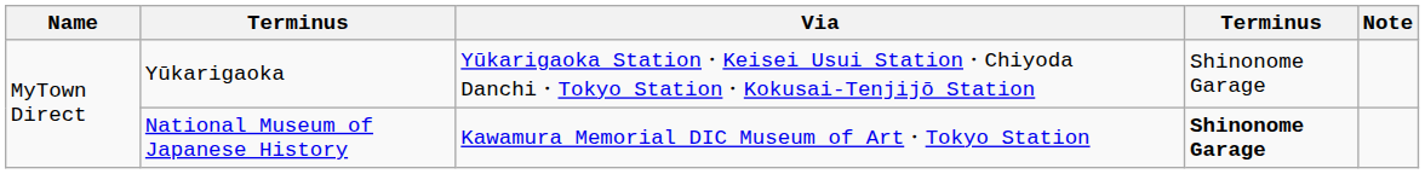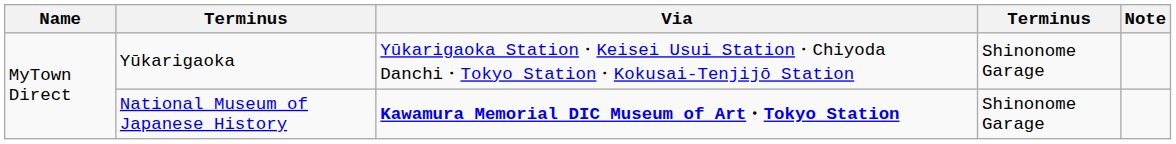 <table class="wikitable">
 <tr>
 <th>Name</th>
 <th>Terminus</th>
 <th>Via</th>
 <th>Terminus</th>
 <th>Note</th>
 </tr>
 <tr>
 <td rowspan="2">MyTown Direct</td>
 <td>Yūkarigaoka</td>
 <td><a href='#'>Yūkarigaoka Station</a>・<a href='#'>Keisei Usui Station</a>・Chiyoda Danchi・<a href='#'>Tokyo Station</a>・<a href='#'>Kokusai-Tenjijō Station</a></td>
 <td>Shinonome Garage</td>
 <td></td>
 </tr>
 <tr>
 <td><a href='#'>National Museum of Japanese History</a></td>
-<td><a href='#'>Kawamura Memorial DIC Museum of Art</a>・<a href='#'>Tokyo Station</a></td>
-<td><strong>Shinonome Garage</strong></td>
+<td><strong><a href='#'>Kawamura Memorial DIC Museum of Art</a>・<a href='#'>Tokyo Station</a></strong></td>
+<td>Shinonome Garage</td>
 <td></td>
 </tr>
 </table>
